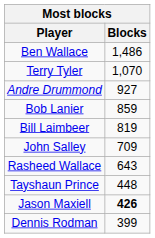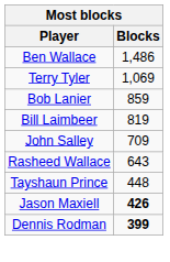 <table class="wikitable sortable" style="text-align:center">
 <tr>
 <th colspan="2" style="text-align:center; ">Most blocks</th>
 </tr>
 <tr>
 <th style="text-align:center; ">Player</th>
 <th style="text-align:center; ">Blocks</th>
 </tr>
 <tr>
 <td><a href='#'>Ben Wallace</a></td>
 <td>1,486</td>
 </tr>
 <tr>
 <td><a href='#'>Terry Tyler</a></td>
-<td>1,070</td>
-</tr>
-<tr>
-<td><em><a href='#'>Andre Drummond</a></em></td>
-<td>927</td>
+<td>1,069</td>
 </tr>
 <tr>
 <td><a href='#'>Bob Lanier</a></td>
 <td>859</td>
 </tr>
 <tr>
 <td><a href='#'>Bill Laimbeer</a></td>
 <td>819</td>
 </tr>
 <tr>
 <td><a href='#'>John Salley</a></td>
 <td>709</td>
 </tr>
 <tr>
 <td><a href='#'>Rasheed Wallace</a></td>
 <td>643</td>
 </tr>
 <tr>
 <td><a href='#'>Tayshaun Prince</a></td>
 <td>448</td>
 </tr>
 <tr>
 <td><a href='#'>Jason Maxiell</a></td>
 <td><strong>426</strong></td>
 </tr>
 <tr>
 <td><a href='#'>Dennis Rodman</a></td>
-<td>399</td>
+<td><strong>399</strong></td>
 </tr>
 </table>
